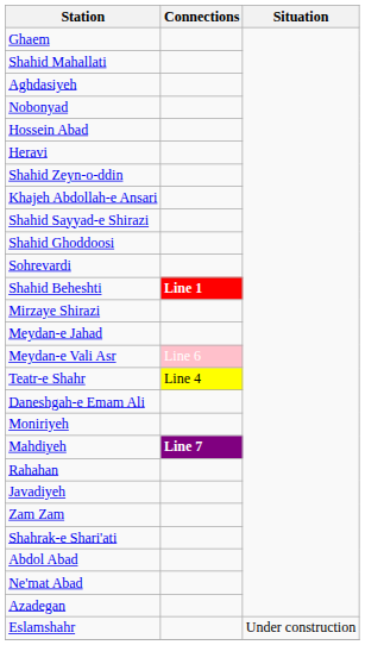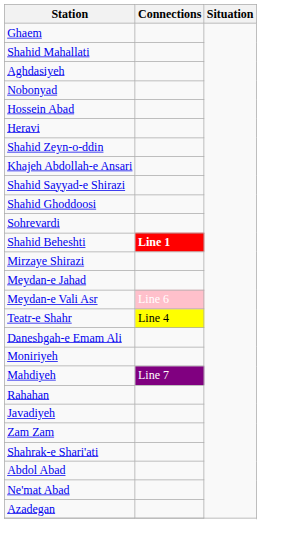 <table class="wikitable">
 <tr>
 <th style="background: #">Station</th>
 <th style="background: #">Connections</th>
 <th style="background: #">Situation</th>
 </tr>
 <tr !>
 <td><a href='#'>Ghaem</a></td>
 <td></td>
 </tr>
 <tr>
 <td><a href='#'>Shahid Mahallati</a></td>
 <td></td>
 </tr>
 <tr>
 <td><a href='#'>Aghdasiyeh</a></td>
 <td></td>
 </tr>
 <tr>
 <td><a href='#'>Nobonyad</a></td>
 <td></td>
 </tr>
 <tr>
 <td><a href='#'>Hossein Abad</a></td>
 <td></td>
 </tr>
 <tr>
 <td><a href='#'>Heravi</a></td>
 <td></td>
 </tr>
 <tr>
 <td><a href='#'>Shahid Zeyn-o-ddin</a></td>
 <td></td>
 </tr>
 <tr>
 <td><a href='#'>Khajeh Abdollah-e Ansari</a></td>
 <td></td>
 </tr>
 <tr>
 <td><a href='#'>Shahid Sayyad-e Shirazi</a></td>
 <td></td>
 </tr>
 <tr>
 <td><a href='#'>Shahid Ghoddoosi</a></td>
 <td></td>
 </tr>
 <tr>
 <td><a href='#'>Sohrevardi</a></td>
 <td></td>
 </tr>
 <tr>
 <td><a href='#'>Shahid Beheshti</a></td>
 <td style="background: red; color: white;"><strong>Line 1</strong></td>
 </tr>
 <tr>
 <td><a href='#'>Mirzaye Shirazi</a></td>
 <td></td>
 </tr>
 <tr>
 <td><a href='#'>Meydan-e Jahad</a></td>
 <td></td>
 </tr>
 <tr>
 <td><a href='#'>Meydan-e Vali Asr</a></td>
 <td style="background: pink; color: white;">Line 6</td>
 </tr>
 <tr>
 <td><a href='#'>Teatr-e Shahr</a></td>
 <td style="background: yellow;">Line 4</td>
 </tr>
 <tr>
 <td><a href='#'>Daneshgah-e Emam Ali</a></td>
 <td></td>
 </tr>
 <tr>
 <td><a href='#'>Moniriyeh</a></td>
 <td></td>
 </tr>
 <tr>
 <td><a href='#'>Mahdiyeh</a></td>
-<td style="background: purple; color: white;"><strong>Line 7</strong></td>
+<td style="background: purple; color: white;">Line 7</td>
 </tr>
 <tr>
 <td><a href='#'>Rahahan</a></td>
 <td></td>
 </tr>
 <tr>
 <td><a href='#'>Javadiyeh</a></td>
 <td></td>
 </tr>
 <tr>
 <td><a href='#'>Zam Zam</a></td>
 <td></td>
 </tr>
 <tr>
 <td><a href='#'>Shahrak-e Shari'ati</a></td>
 <td></td>
 </tr>
 <tr>
 <td><a href='#'>Abdol Abad</a></td>
 <td></td>
 </tr>
 <tr>
 <td><a href='#'>Ne'mat Abad</a></td>
 <td></td>
 </tr>
 <tr>
 <td><a href='#'>Azadegan</a></td>
 <td></td>
 </tr>
 <tr>
-<td><a href='#'>Eslamshahr</a></td>
-<td></td>
-<td>Under construction</td>
-</tr>
-<tr>
 </tr>
 </table>
